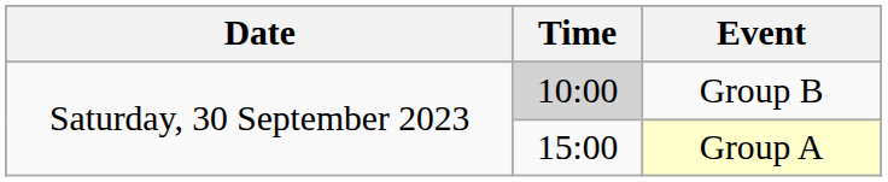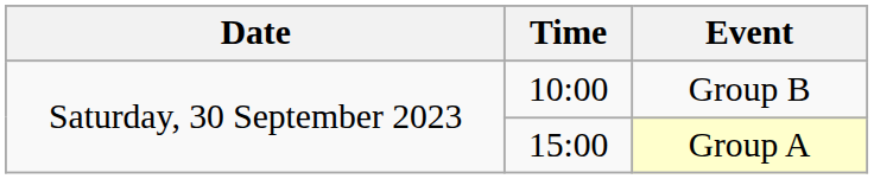 <table class="wikitable" style="text-align:center;">
 <tr>
 <th width=220>Date</th>
 <th width=50>Time</th>
 <th width=100>Event</th>
 </tr>
 <tr>
 <td rowspan=2>Saturday, 30 September 2023</td>
-<td style="background: lightgrey;">10:00</td>
+<td>10:00</td>
 <td>Group B</td>
 </tr>
 <tr>
 <td>15:00</td>
 <td bgcolor="ffffcc">Group A</td>
 </tr>
 </table>
